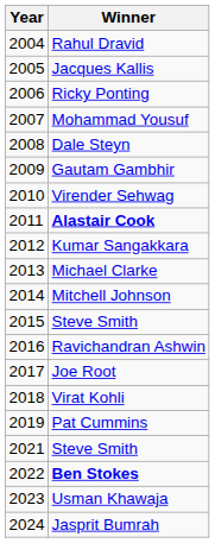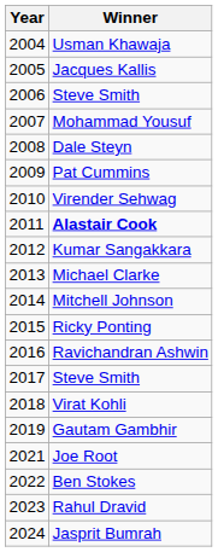 <table class="wikitable">
 <tr>
 <th>Year</th>
 <th>Winner</th>
 </tr>
 <tr>
 <td>2004</td>
-<td> <a href='#'>Rahul Dravid</a></td>
+<td> <a href='#'>Usman Khawaja</a></td>
 </tr>
 <tr>
 <td>2005</td>
 <td> <a href='#'>Jacques Kallis</a></td>
 </tr>
 <tr>
 <td>2006</td>
-<td> <a href='#'>Ricky Ponting</a></td>
+<td> <a href='#'>Steve Smith</a></td>
 </tr>
 <tr>
 <td>2007</td>
 <td> <a href='#'> Mohammad Yousuf</a></td>
 </tr>
 <tr>
 <td>2008</td>
 <td> <a href='#'>Dale Steyn</a></td>
 </tr>
 <tr>
 <td>2009</td>
-<td> <a href='#'>Gautam Gambhir</a></td>
+<td> <a href='#'>Pat Cummins</a></td>
 </tr>
 <tr>
 <td>2010</td>
 <td> <a href='#'>Virender Sehwag</a></td>
 </tr>
 <tr>
 <td>2011</td>
 <td><strong> <a href='#'>Alastair Cook</a></strong></td>
 </tr>
 <tr>
 <td>2012</td>
 <td> <a href='#'>Kumar Sangakkara</a></td>
 </tr>
 <tr>
 <td>2013</td>
 <td> <a href='#'>Michael Clarke</a></td>
 </tr>
 <tr>
 <td>2014</td>
 <td> <a href='#'>Mitchell Johnson</a></td>
 </tr>
 <tr>
 <td>2015</td>
-<td> <a href='#'>Steve Smith</a></td>
+<td> <a href='#'>Ricky Ponting</a></td>
 </tr>
 <tr>
 <td>2016</td>
 <td> <a href='#'>Ravichandran Ashwin</a></td>
 </tr>
 <tr>
 <td>2017</td>
-<td> <a href='#'>Joe Root</a></td>
+<td> <a href='#'>Steve Smith</a></td>
 </tr>
 <tr>
 <td>2018</td>
 <td> <a href='#'>Virat Kohli</a></td>
 </tr>
 <tr>
 <td>2019</td>
-<td> <a href='#'>Pat Cummins</a></td>
+<td> <a href='#'>Gautam Gambhir</a></td>
 </tr>
 <tr>
 <td>2021</td>
-<td> <a href='#'>Steve Smith</a></td>
+<td> <a href='#'>Joe Root</a></td>
 </tr>
 <tr>
 <td>2022</td>
-<td><strong> <a href='#'>Ben Stokes</a></strong></td>
+<td> <a href='#'>Ben Stokes</a></td>
 </tr>
 <tr>
 <td>2023</td>
-<td> <a href='#'>Usman Khawaja</a></td>
+<td> <a href='#'>Rahul Dravid</a></td>
 </tr>
 <tr>
 <td>2024</td>
 <td> <a href='#'>Jasprit Bumrah</a></td>
 </tr>
 </table>
